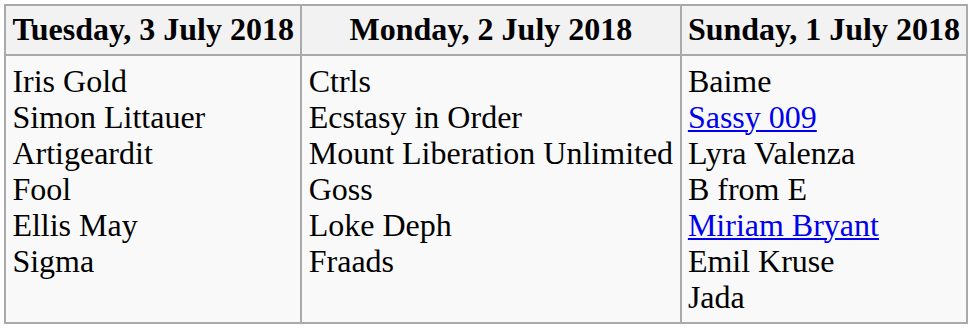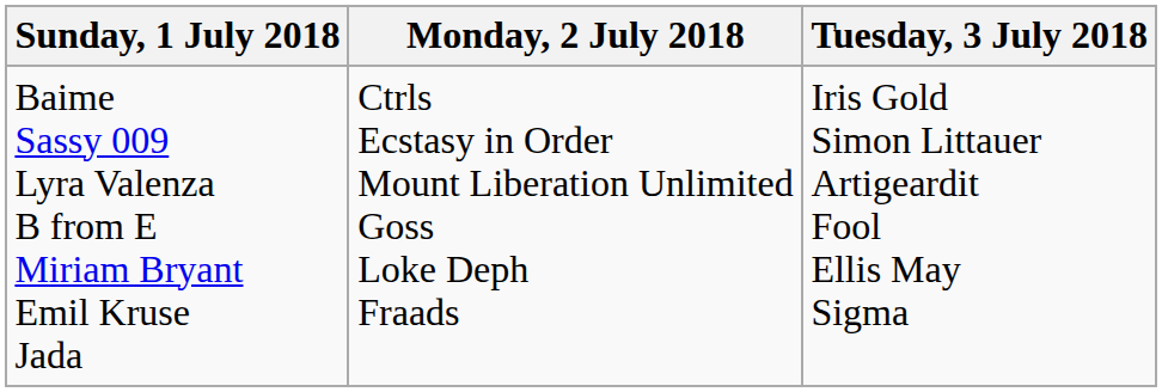 <table class="wikitable">
 <tr>
+<th>Sunday, 1 July 2018</th>
+<th>Monday, 2 July 2018</th>
 <th>Tuesday, 3 July 2018</th>
-<th>Monday, 2 July 2018</th>
-<th>Sunday, 1 July 2018</th>
 </tr>
 <tr valign="top">
+<td>Baime<br><a href='#'>Sassy 009</a><br>Lyra Valenza<br>B from E<br><a href='#'>Miriam Bryant</a><br>Emil Kruse<br>Jada</td>
+<td>Ctrls<br>Ecstasy in Order<br>Mount Liberation Unlimited<br>Goss<br>Loke Deph<br>Fraads</td>
 <td>Iris Gold<br>Simon Littauer<br>Artigeardit<br>Fool<br>Ellis May<br>Sigma</td>
-<td>Ctrls<br>Ecstasy in Order<br>Mount Liberation Unlimited<br>Goss<br>Loke Deph<br>Fraads</td>
-<td>Baime<br><a href='#'>Sassy 009</a><br>Lyra Valenza<br>B from E<br><a href='#'>Miriam Bryant</a><br>Emil Kruse<br>Jada</td>
 </tr>
 </table>
